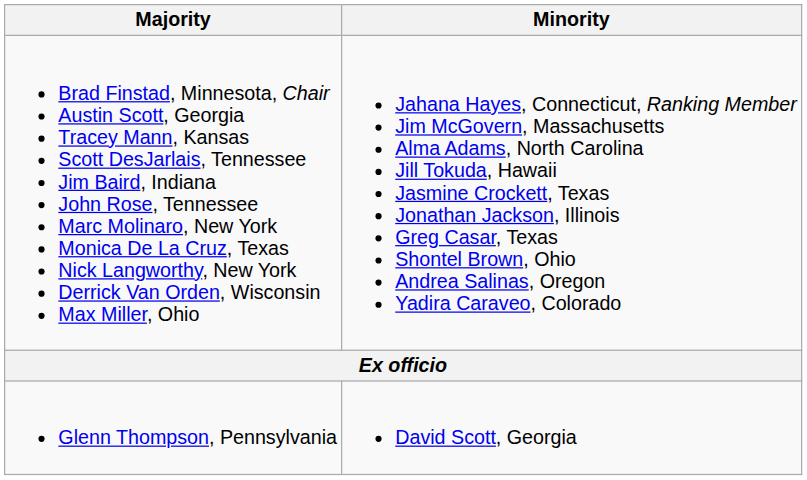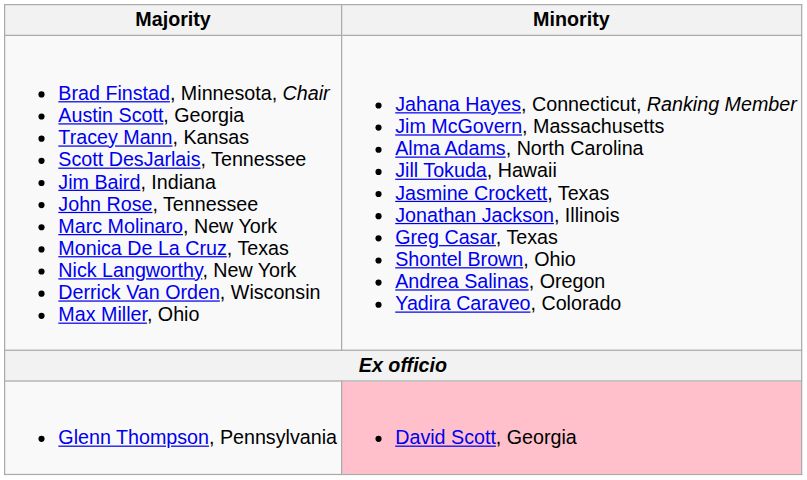 <table class=wikitable>
 <tr>
 <th>Majority</th>
 <th>Minority</th>
 </tr>
 <tr>
 <td><br><ul><li><a href='#'>Brad Finstad</a>, Minnesota, <em>Chair</em></li><li><a href='#'>Austin Scott</a>, Georgia</li><li><a href='#'>Tracey Mann</a>, Kansas</li><li><a href='#'>Scott DesJarlais</a>, Tennessee</li><li><a href='#'>Jim Baird</a>, Indiana</li><li><a href='#'>John Rose</a>, Tennessee</li><li><a href='#'>Marc Molinaro</a>, New York</li><li><a href='#'>Monica De La Cruz</a>, Texas</li><li><a href='#'>Nick Langworthy</a>, New York</li><li><a href='#'>Derrick Van Orden</a>, Wisconsin</li><li><a href='#'>Max Miller</a>, Ohio</li></ul></td>
 <td><br><ul><li><a href='#'>Jahana Hayes</a>, Connecticut, <em>Ranking Member</em></li><li><a href='#'>Jim McGovern</a>, Massachusetts</li><li><a href='#'>Alma Adams</a>, North Carolina</li><li><a href='#'>Jill Tokuda</a>, Hawaii</li><li><a href='#'>Jasmine Crockett</a>, Texas</li><li><a href='#'>Jonathan Jackson</a>, Illinois</li><li><a href='#'>Greg Casar</a>, Texas</li><li><a href='#'>Shontel Brown</a>, Ohio</li><li><a href='#'>Andrea Salinas</a>, Oregon</li><li><a href='#'>Yadira Caraveo</a>, Colorado</li></ul></td>
 </tr>
 <tr>
 <th colspan=2><em>Ex officio</em></th>
 </tr>
 <tr>
 <td><br><ul><li><a href='#'>Glenn Thompson</a>, Pennsylvania</li></ul></td>
-<td><br><ul><li><a href='#'>David Scott</a>, Georgia</li></ul></td>
+<td style="background: pink;"><br><ul><li><a href='#'>David Scott</a>, Georgia</li></ul></td>
 </tr>
 </table>
